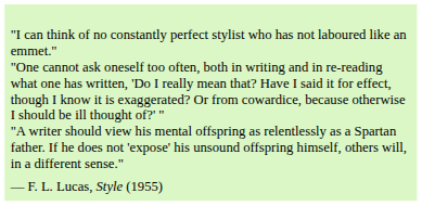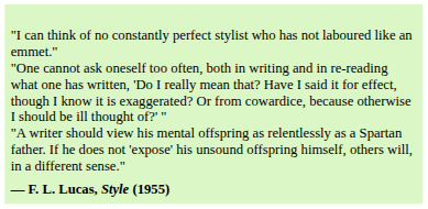 <table class="toccolours" style="float: right; margin-left: 1em; margin-right: 2em; font-size: 90%; background:#dbf7c5; color:black; width:30em; max-width: 40%;" cellspacing="5">
 <tr>
 <td style="text-align: left;"><br>"I can think of no constantly perfect stylist who has not laboured like an emmet."<br>"One cannot ask oneself too often, both in writing and in re-reading what one has written, 'Do I really mean that? Have I said it for effect, though I know it is exaggerated? Or from cowardice, because otherwise I should be ill thought of?' " <br>"A writer should view his mental offspring as relentlessly as a Spartan father. If he does not 'expose' his unsound offspring himself, others will, in a different sense." <br></td>
 </tr>
 <tr>
-<td style="text-align: left;">― F. L. Lucas, <em>Style</em> (1955)</td>
+<td style="text-align: left;"><strong>― F. L. Lucas, <em>Style</em> (1955)</strong></td>
 </tr>
 </table>
